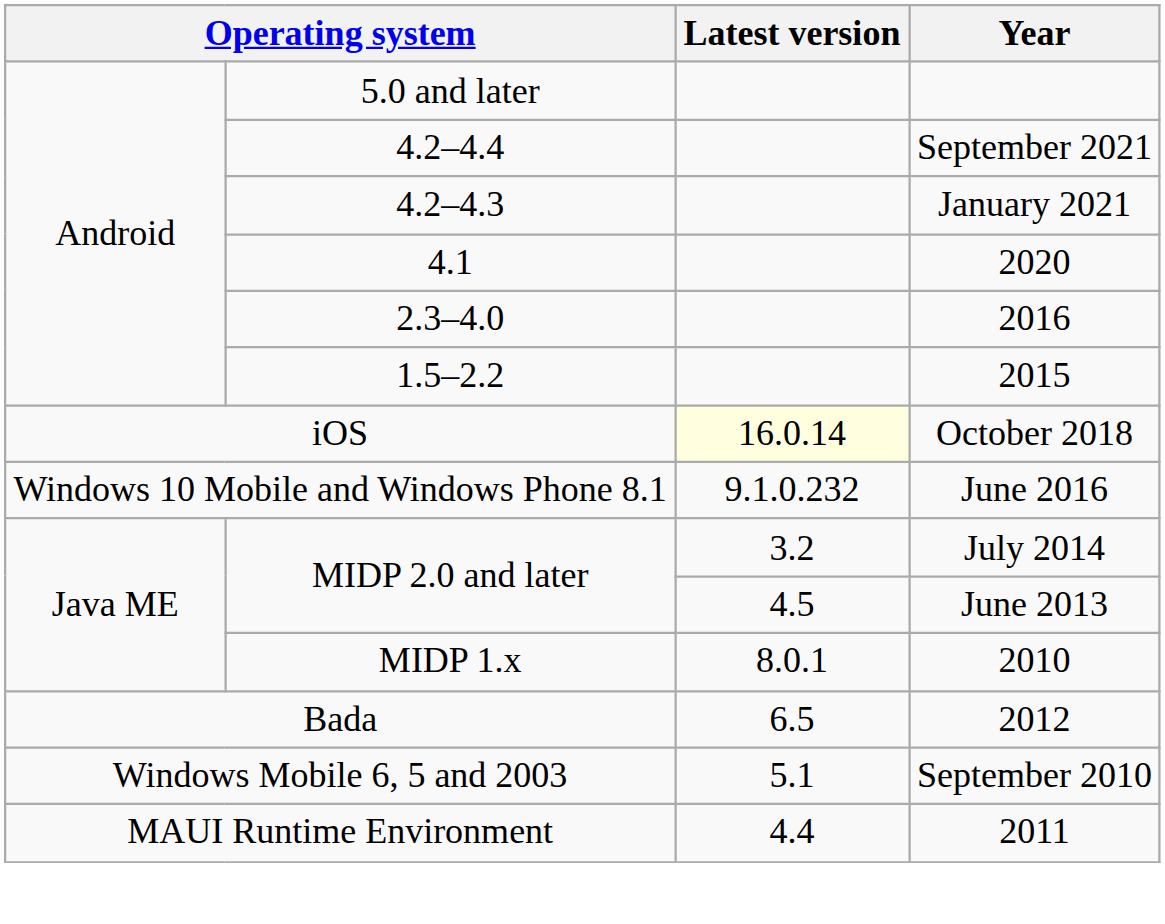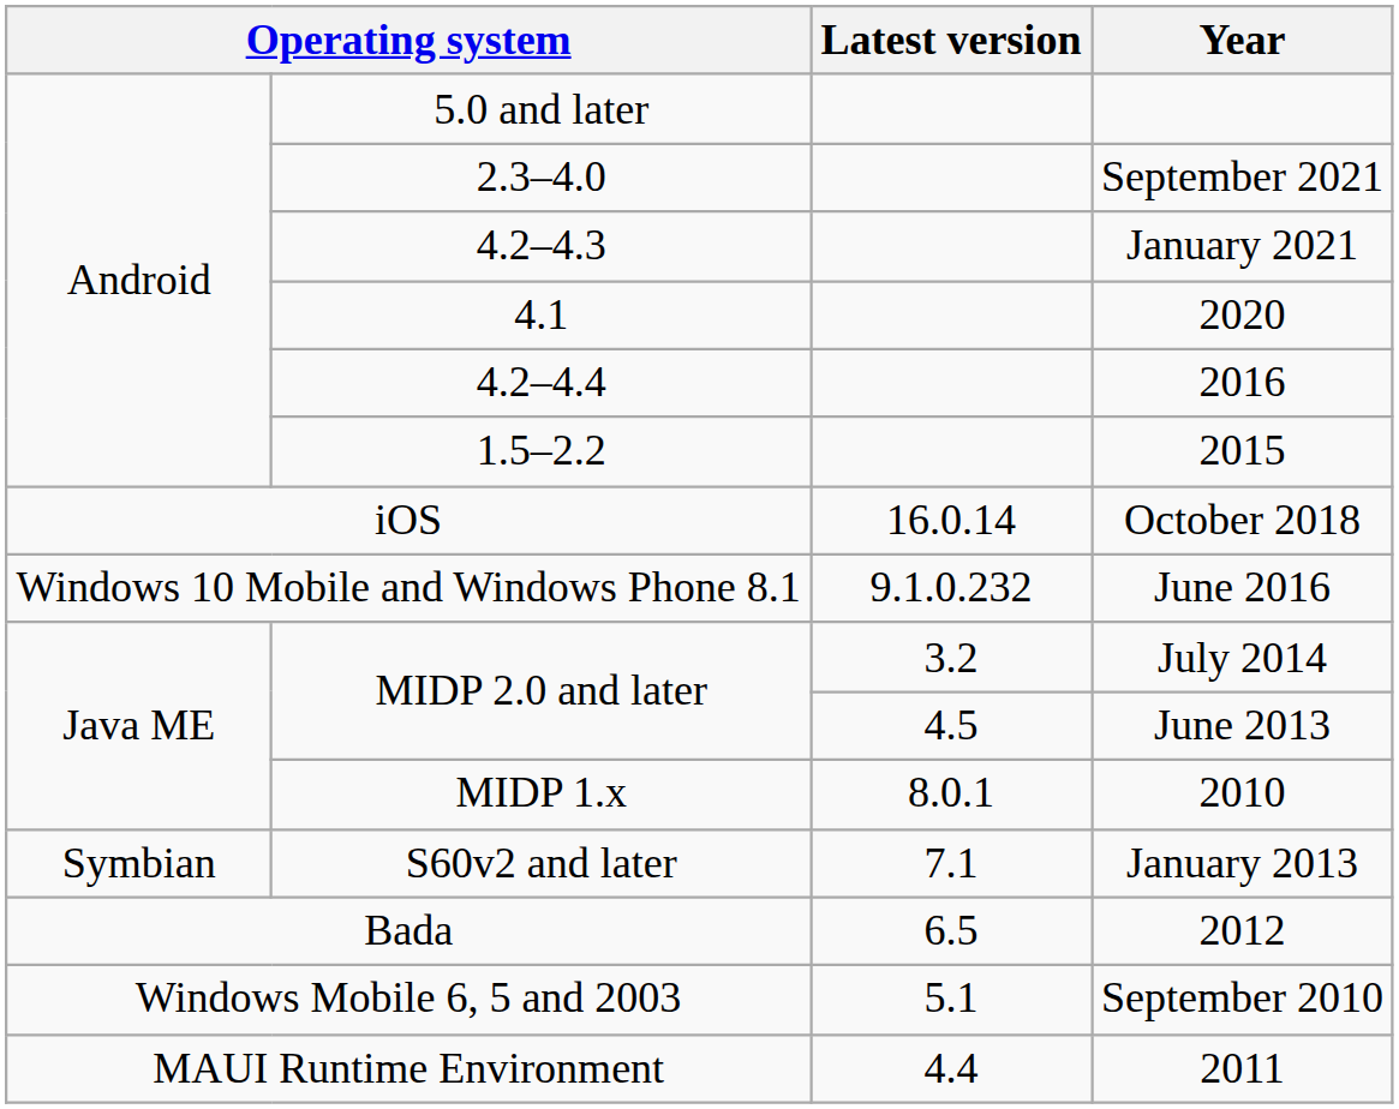 <table class ="wikitable" style="text-align:center">
 <tr>
 <th colspan="2"><a href='#'>Operating system</a></th>
 <th>Latest version</th>
 <th>Year</th>
 </tr>
 <tr>
 <td rowspan="6">Android</td>
 <td>5.0 and later</td>
 <td></td>
 <td></td>
 </tr>
 <tr>
-<td>4.2–4.4</td>
+<td>2.3–4.0</td>
 <td></td>
 <td data-sort-value="2021-09-16">September 2021</td>
 </tr>
 <tr>
 <td>4.2–4.3</td>
 <td></td>
 <td data-sort-value="2021-01-04">January 2021</td>
 </tr>
 <tr>
 <td>4.1</td>
 <td></td>
 <td>2020</td>
 </tr>
 <tr>
-<td>2.3–4.0</td>
+<td>4.2–4.4</td>
 <td></td>
 <td>2016</td>
 </tr>
 <tr>
 <td>1.5–2.2</td>
 <td></td>
 <td>2015</td>
 </tr>
 <tr>
 <td colspan="2">iOS</td>
-<td style="background: lightyellow;">16.0.14</td>
+<td>16.0.14</td>
 <td data-sort-value="2018-10-04">October 2018</td>
 </tr>
 <tr>
 <td colspan="2">Windows 10 Mobile and Windows Phone 8.1</td>
 <td>9.1.0.232</td>
 <td data-sort-value="2016-06-16">June 2016</td>
 </tr>
 <tr>
 <td rowspan="3">Java ME</td>
 <td rowspan="2">MIDP 2.0 and later</td>
 <td>3.2</td>
 <td data-sort-value="2014-07-08">July 2014</td>
 </tr>
 <tr>
 <td>4.5</td>
 <td data-sort-value="2013-06-05">June 2013</td>
 </tr>
 <tr>
 <td>MIDP 1.x</td>
 <td>8.0.1</td>
 <td>2010</td>
 </tr>
 <tr>
+<td>Symbian</td>
+<td>S60v2 and later</td>
+<td>7.1</td>
+<td data-sort-value="2013-01-22">January 2013</td>
+</tr>
+<tr>
 <td colspan="2">Bada</td>
 <td>6.5</td>
 <td>2012</td>
 </tr>
 <tr>
 <td colspan="2">Windows Mobile 6, 5 and 2003</td>
 <td>5.1</td>
 <td data-sort-value="2010-09-09">September 2010</td>
 </tr>
 <tr>
 <td colspan="2">MAUI Runtime Environment</td>
 <td>4.4</td>
 <td>2011</td>
 </tr>
 </table>
